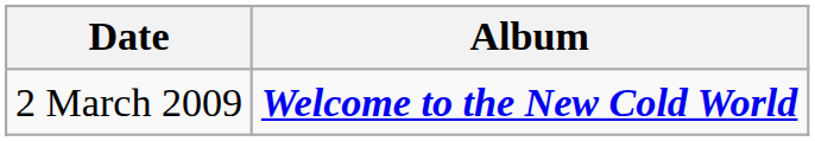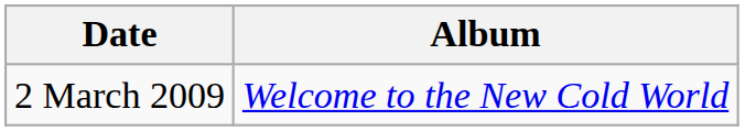 <table class="wikitable">
 <tr>
 <th>Date</th>
 <th>Album</th>
 </tr>
 <tr>
 <td>2 March 2009</td>
-<td align="center"><strong><em><a href='#'>Welcome to the New Cold World</a></em></strong></td>
+<td align="center"><em><a href='#'>Welcome to the New Cold World</a></em></td>
 </tr>
 </table>
